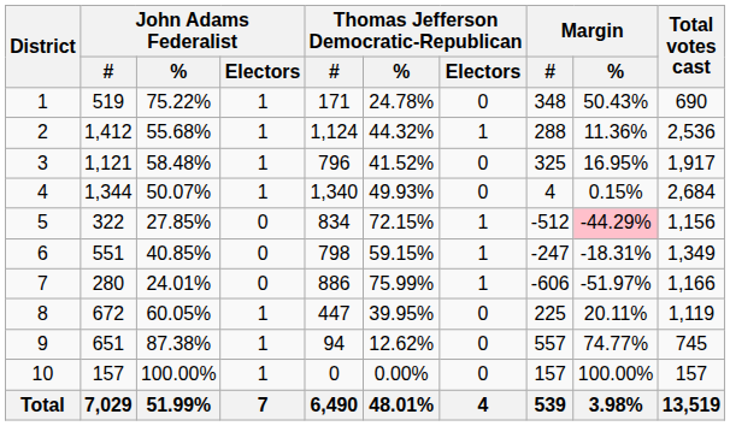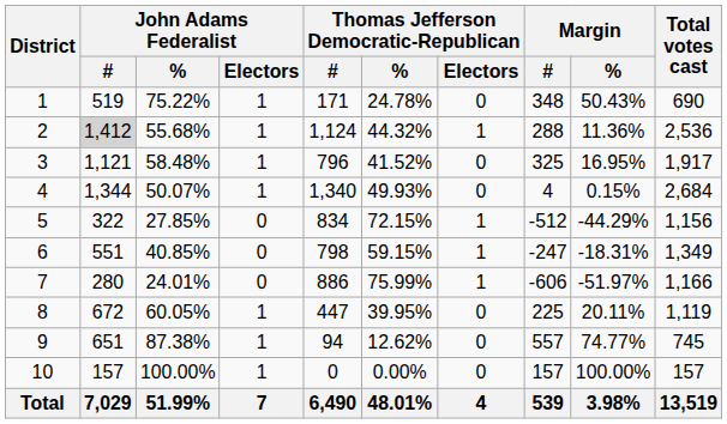 <table class="wikitable sortable">
 <tr>
 <th rowspan="2">District</th>
 <th colspan="3">John Adams<br>Federalist</th>
 <th colspan="3">Thomas Jefferson<br>Democratic-Republican</th>
 <th colspan="2">Margin</th>
 <th rowspan="2">Total<br>votes<br>cast</th>
 </tr>
 <tr>
 <th>#</th>
 <th>%</th>
 <th>Electors</th>
 <th>#</th>
 <th>%</th>
 <th>Electors</th>
 <th>#</th>
 <th>%</th>
 </tr>
 <tr style="text-align:center;">
 <td>1</td>
 <td>519</td>
 <td>75.22%</td>
 <td>1</td>
 <td>171</td>
 <td>24.78%</td>
 <td>0</td>
 <td>348</td>
 <td>50.43%</td>
 <td>690</td>
 </tr>
 <tr style="text-align:center;">
 <td>2</td>
-<td>1,412</td>
+<td style="background: lightgrey;">1,412</td>
 <td>55.68%</td>
 <td>1</td>
 <td>1,124</td>
 <td>44.32%</td>
 <td>1</td>
 <td>288</td>
 <td>11.36%</td>
 <td>2,536</td>
 </tr>
 <tr style="text-align:center;">
 <td>3</td>
 <td>1,121</td>
 <td>58.48%</td>
 <td>1</td>
 <td>796</td>
 <td>41.52%</td>
 <td>0</td>
 <td>325</td>
 <td>16.95%</td>
 <td>1,917</td>
 </tr>
 <tr style="text-align:center;">
 <td>4</td>
 <td>1,344</td>
 <td>50.07%</td>
 <td>1</td>
 <td>1,340</td>
 <td>49.93%</td>
 <td>0</td>
 <td>4</td>
 <td>0.15%</td>
 <td>2,684</td>
 </tr>
 <tr style="text-align:center;">
 <td>5</td>
 <td>322</td>
 <td>27.85%</td>
 <td>0</td>
 <td>834</td>
 <td>72.15%</td>
 <td>1</td>
 <td>-512</td>
-<td style="background: pink;">-44.29%</td>
+<td>-44.29%</td>
 <td>1,156</td>
 </tr>
 <tr style="text-align:center;">
 <td>6</td>
 <td>551</td>
 <td>40.85%</td>
 <td>0</td>
 <td>798</td>
 <td>59.15%</td>
 <td>1</td>
 <td>-247</td>
 <td>-18.31%</td>
 <td>1,349</td>
 </tr>
 <tr style="text-align:center;">
 <td>7</td>
 <td>280</td>
 <td>24.01%</td>
 <td>0</td>
 <td>886</td>
 <td>75.99%</td>
 <td>1</td>
 <td>-606</td>
 <td>-51.97%</td>
 <td>1,166</td>
 </tr>
 <tr style="text-align:center;">
 <td>8</td>
 <td>672</td>
 <td>60.05%</td>
 <td>1</td>
 <td>447</td>
 <td>39.95%</td>
 <td>0</td>
 <td>225</td>
 <td>20.11%</td>
 <td>1,119</td>
 </tr>
 <tr style="text-align:center;">
 <td>9</td>
 <td>651</td>
 <td>87.38%</td>
 <td>1</td>
 <td>94</td>
 <td>12.62%</td>
 <td>0</td>
 <td>557</td>
 <td>74.77%</td>
 <td>745</td>
 </tr>
 <tr style="text-align:center;">
 <td>10</td>
 <td>157</td>
 <td>100.00%</td>
 <td>1</td>
 <td>0</td>
 <td>0.00%</td>
 <td>0</td>
 <td>157</td>
 <td>100.00%</td>
 <td>157</td>
 </tr>
 <tr style="text-align:center;">
 <th>Total</th>
 <th>7,029</th>
 <th>51.99%</th>
 <th>7</th>
 <th>6,490</th>
 <th>48.01%</th>
 <th>4</th>
 <th>539</th>
 <th>3.98%</th>
 <th>13,519</th>
 </tr>
 </table>
